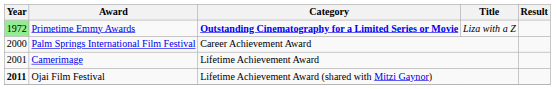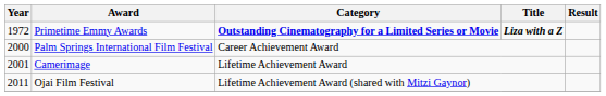 <table class="wikitable">
 <tr>
 <th>Year</th>
 <th>Award</th>
 <th>Category</th>
 <th>Title</th>
 <th>Result</th>
 </tr>
 <tr>
-<td style="background: lightgreen;">1972</td>
+<td>1972</td>
 <td><a href='#'>Primetime Emmy Awards</a></td>
 <td><strong><a href='#'>Outstanding Cinematography for a Limited Series or Movie</a></strong></td>
-<td><em>Liza with a Z</em></td>
+<td><strong><em>Liza with a Z</em></strong></td>
 <td></td>
 </tr>
 <tr>
 <td>2000</td>
 <td><a href='#'>Palm Springs International Film Festival</a></td>
 <td colspan=2>Career Achievement Award</td>
 <td></td>
 </tr>
 <tr>
 <td>2001</td>
 <td><a href='#'>Camerimage</a></td>
 <td colspan=2>Lifetime Achievement Award</td>
 <td></td>
 </tr>
 <tr>
-<td><strong>2011</strong></td>
+<td>2011</td>
 <td>Ojai Film Festival</td>
 <td colspan=2>Lifetime Achievement Award (shared with <a href='#'>Mitzi Gaynor</a>)</td>
 <td></td>
 </tr>
 <tr>
 </tr>
 </table>
